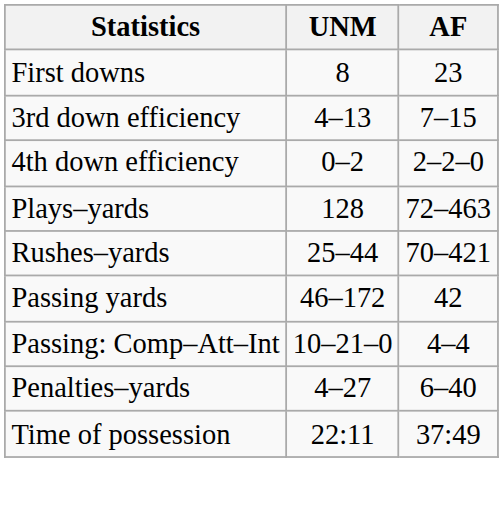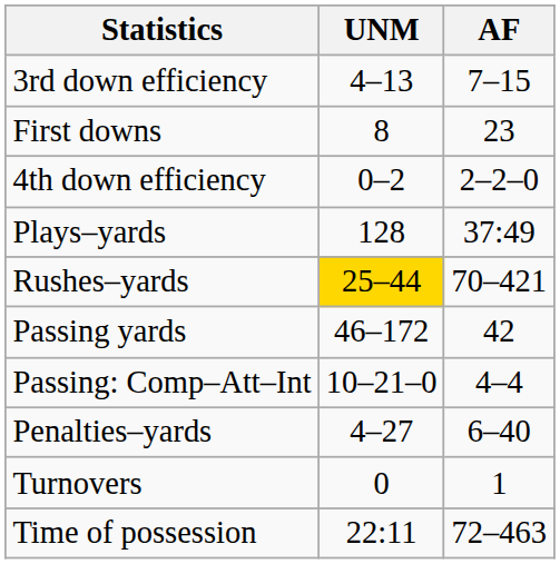 <table class="wikitable">
 <tr>
 <th>Statistics</th>
 <th>UNM</th>
 <th>AF</th>
 </tr>
 <tr>
+<td>3rd down efficiency</td>
+<td align=center>4–13</td>
+<td align=center>7–15</td>
+</tr>
+<tr>
 <td>First downs</td>
 <td align=center>8</td>
 <td align=center>23</td>
-</tr>
-<tr>
-<td>3rd down efficiency</td>
-<td align=center>4–13</td>
-<td align=center>7–15</td>
 </tr>
 <tr>
 <td>4th down efficiency</td>
 <td align=center>0–2</td>
 <td align=center>2–2–0</td>
 </tr>
 <tr>
 <td>Plays–yards</td>
 <td align=center>128</td>
-<td align=center>72–463</td>
+<td align=center>37:49</td>
 </tr>
 <tr>
 <td>Rushes–yards</td>
-<td align=center>25–44</td>
+<td align=center style="background: gold;">25–44</td>
 <td align=center>70–421</td>
 </tr>
 <tr>
 <td>Passing yards</td>
 <td align=center>46–172</td>
 <td align=center>42</td>
 </tr>
 <tr>
 <td>Passing: Comp–Att–Int</td>
 <td align=center>10–21–0</td>
 <td align=center>4–4</td>
 </tr>
 <tr>
 <td>Penalties–yards</td>
 <td align=center>4–27</td>
 <td align=center>6–40</td>
 </tr>
 <tr>
+<td>Turnovers</td>
+<td align=center>0</td>
+<td align=center>1</td>
+</tr>
+<tr>
 <td>Time of possession</td>
 <td align=center>22:11</td>
-<td align=center>37:49</td>
+<td align=center>72–463</td>
 </tr>
 </table>
